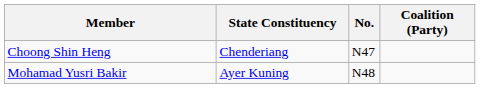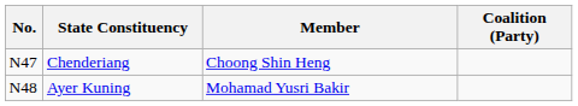 <table class="wikitable">
 <tr>
+<th width="30">No.</th>
+<th width="150">State Constituency</th>
 <th width="245">Member</th>
-<th width="150">State Constituency</th>
-<th width="30">No.</th>
 <th width="105">Coalition (Party)</th>
 </tr>
 <tr>
+<td>N47</td>
+<td><a href='#'>Chenderiang</a></td>
 <td><a href='#'>Choong Shin Heng</a></td>
-<td><a href='#'>Chenderiang</a></td>
-<td>N47</td>
 <td></td>
 </tr>
 <tr>
+<td>N48</td>
+<td><a href='#'>Ayer Kuning</a></td>
 <td><a href='#'>Mohamad Yusri Bakir</a></td>
-<td><a href='#'>Ayer Kuning</a></td>
-<td>N48</td>
 <td><br></td>
 </tr>
 </table>
